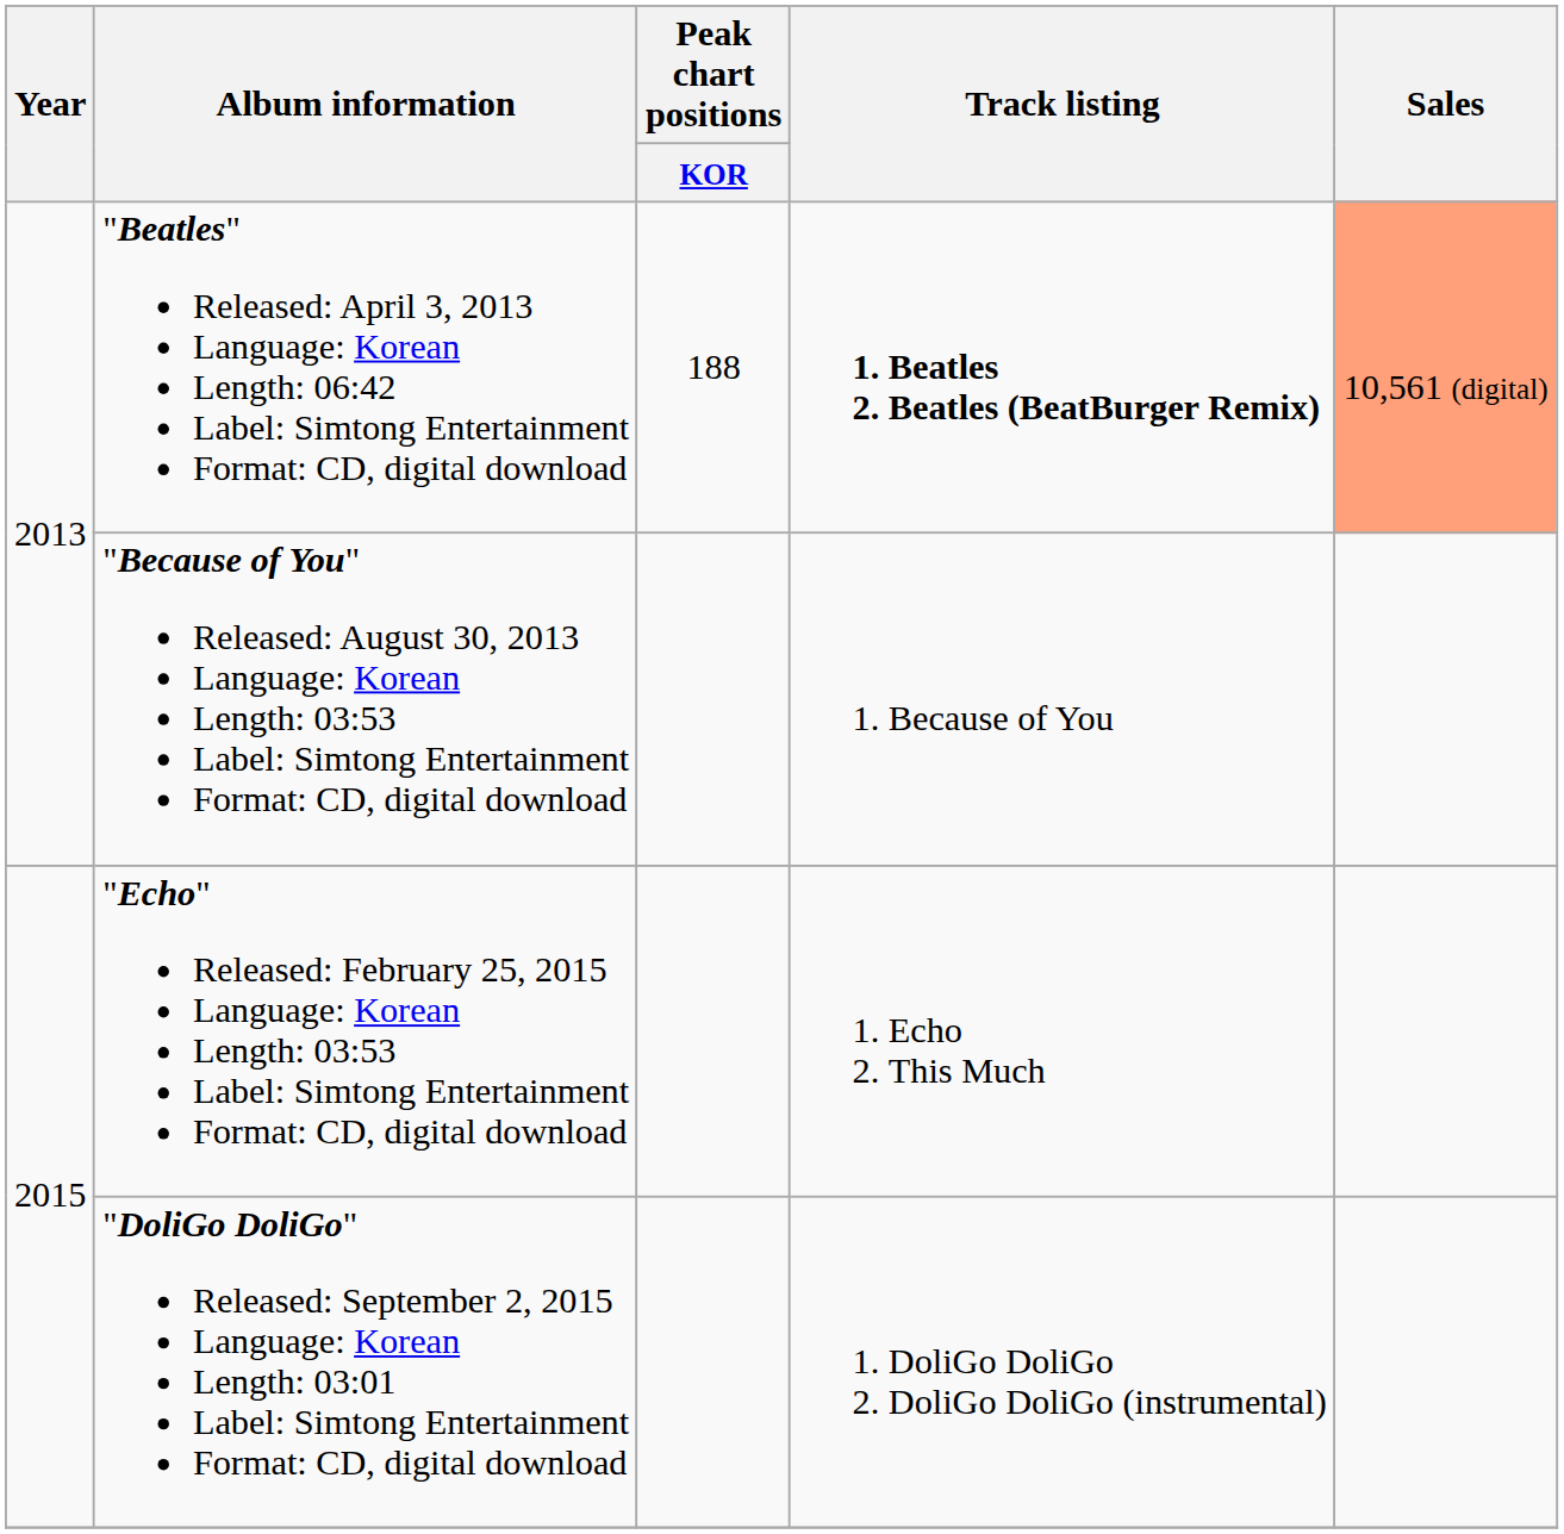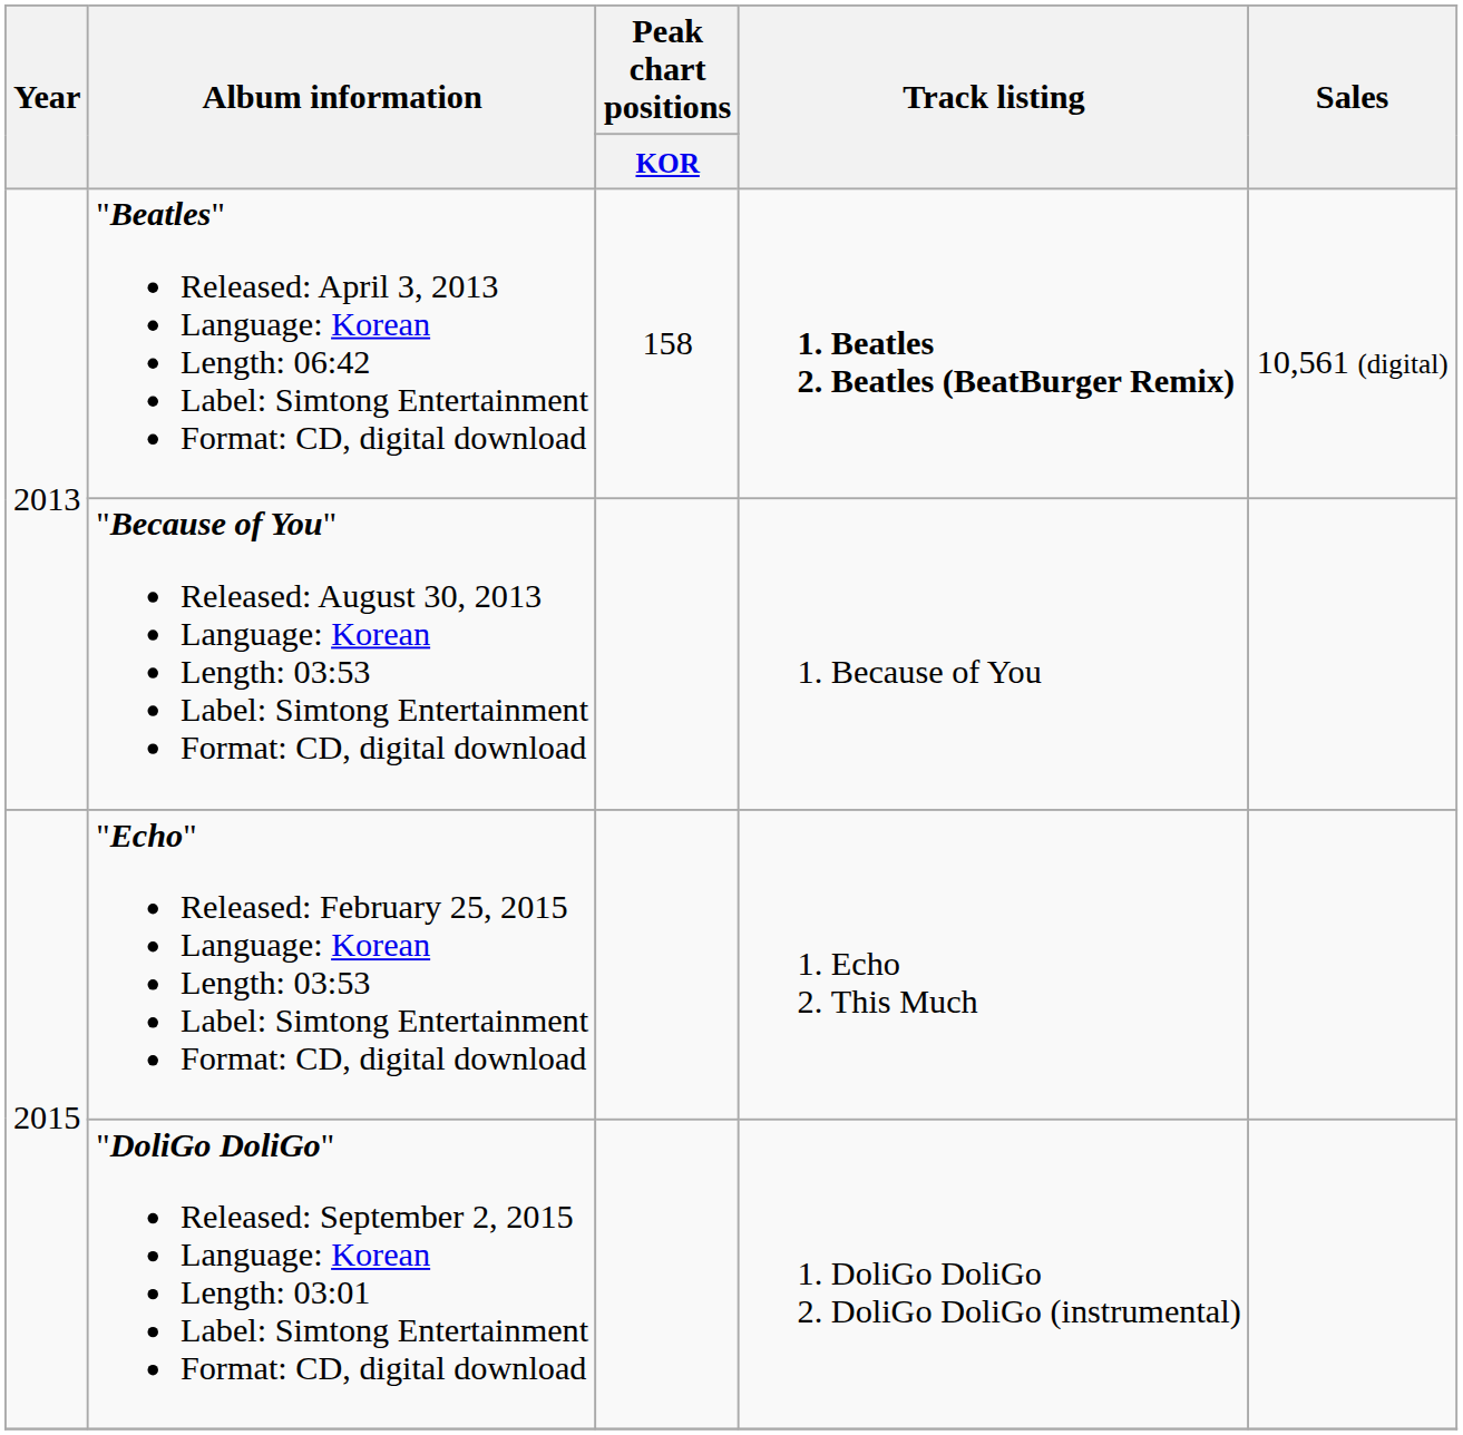 <table class="wikitable">
 <tr>
 <th rowspan="2">Year</th>
 <th rowspan="2">Album information</th>
 <th colspan="1">Peak chart positions<br></th>
 <th rowspan="2">Track listing</th>
 <th rowspan="2">Sales</th>
 </tr>
 <tr>
 <th width="30"><small><a href='#'>KOR</a></small></th>
 </tr>
 <tr>
 <td rowspan="2">2013</td>
 <td>"<strong><em>Beatles</em></strong>"<br><ul><li>Released: April 3, 2013</li><li>Language: <a href='#'>Korean</a></li><li>Length: 06:42</li><li>Label: Simtong Entertainment</li><li>Format: CD, digital download</li></ul></td>
-<td style="text-align:center;">188</td>
+<td style="text-align:center;">158</td>
 <td style="font-size: 100%;"><strong><br><ol><li>Beatles</li><li>Beatles (BeatBurger Remix)</li></ol></strong></td>
-<td style="background: lightsalmon; text-align:center;"><br>10,561 <small>(digital)</small></td>
+<td style="text-align:center;"><br>10,561 <small>(digital)</small></td>
 </tr>
 <tr>
 <td>"<strong><em>Because of You</em></strong>"<br><ul><li>Released: August 30, 2013</li><li>Language: <a href='#'>Korean</a></li><li>Length: 03:53</li><li>Label: Simtong Entertainment</li><li>Format: CD, digital download</li></ul></td>
 <td></td>
 <td style="font-size: 100%;"><br><ol><li>Because of You</li></ol></td>
 <td></td>
 </tr>
 <tr>
 <td rowspan="2">2015</td>
 <td>"<strong><em>Echo</em></strong>"<br><ul><li>Released: February 25, 2015</li><li>Language: <a href='#'>Korean</a></li><li>Length: 03:53</li><li>Label: Simtong Entertainment</li><li>Format: CD, digital download</li></ul></td>
 <td></td>
 <td style="font-size: 100%;"><br><ol><li>Echo</li><li>This Much</li></ol></td>
 <td></td>
 </tr>
 <tr>
 <td>"<strong><em>DoliGo DoliGo</em></strong>"<br><ul><li>Released: September 2, 2015</li><li>Language: <a href='#'>Korean</a></li><li>Length: 03:01</li><li>Label: Simtong Entertainment</li><li>Format: CD, digital download</li></ul></td>
 <td></td>
 <td style="font-size: 100%;"><br><ol><li>DoliGo DoliGo</li><li>DoliGo DoliGo (instrumental)</li></ol></td>
 <td></td>
 </tr>
 <tr>
 </tr>
 </table>
